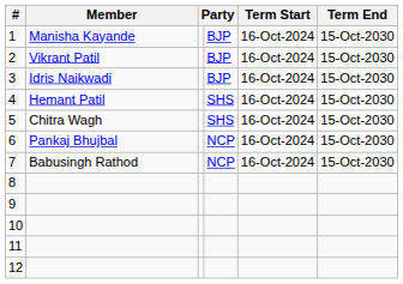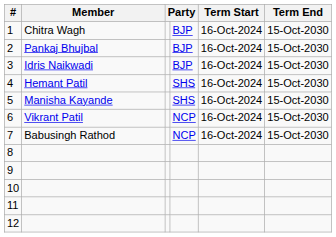 <table class="wikitable sortable">
 <tr>
 <th>#</th>
 <th style="width:200px">Member</th>
 <th colspan="2">Party</th>
 <th>Term Start</th>
 <th>Term End</th>
 </tr>
 <tr>
 <td>1</td>
-<td><a href='#'>Manisha Kayande</a></td>
+<td>Chitra Wagh</td>
 <td style="background-color: "></td>
 <td><a href='#'>BJP</a></td>
 <td>16-Oct-2024</td>
 <td>15-Oct-2030</td>
 </tr>
 <tr>
 <td>2</td>
-<td><a href='#'>Vikrant Patil</a></td>
+<td><a href='#'>Pankaj Bhujbal</a></td>
 <td style="background-color: "></td>
 <td><a href='#'>BJP</a></td>
 <td>16-Oct-2024</td>
 <td>15-Oct-2030</td>
 </tr>
 <tr>
 <td>3</td>
 <td><a href='#'>Idris Naikwadi</a></td>
 <td style="background-color: "></td>
 <td><a href='#'>BJP</a></td>
 <td>16-Oct-2024</td>
 <td>15-Oct-2030</td>
 </tr>
 <tr>
 <td>4</td>
 <td><a href='#'>Hemant Patil</a></td>
 <td style="background-color: "></td>
 <td><a href='#'>SHS</a></td>
 <td>16-Oct-2024</td>
 <td>15-Oct-2030</td>
 </tr>
 <tr>
 <td>5</td>
-<td>Chitra Wagh</td>
+<td><a href='#'>Manisha Kayande</a></td>
 <td style="background-color: "></td>
 <td><a href='#'>SHS</a></td>
 <td>16-Oct-2024</td>
 <td>15-Oct-2030</td>
 </tr>
 <tr>
 <td>6</td>
-<td><a href='#'>Pankaj Bhujbal</a></td>
+<td><a href='#'>Vikrant Patil</a></td>
 <td style="background-color: "></td>
 <td><a href='#'>NCP</a></td>
 <td>16-Oct-2024</td>
 <td>15-Oct-2030</td>
 </tr>
 <tr>
 <td>7</td>
 <td>Babusingh Rathod</td>
 <td style="background-color: "></td>
 <td><a href='#'>NCP</a></td>
 <td>16-Oct-2024</td>
 <td>15-Oct-2030</td>
 </tr>
 <tr>
 <td>8</td>
 <td></td>
 <td></td>
 <td></td>
 <td></td>
 <td></td>
 </tr>
 <tr>
 <td>9</td>
 <td></td>
 <td></td>
 <td></td>
 <td></td>
 <td></td>
 </tr>
 <tr>
 <td>10</td>
 <td></td>
 <td></td>
 <td></td>
 <td></td>
 <td></td>
 </tr>
 <tr>
 <td>11</td>
 <td></td>
 <td></td>
 <td></td>
 <td></td>
 <td></td>
 </tr>
 <tr>
 <td>12</td>
 <td></td>
 <td></td>
 <td></td>
 <td></td>
 <td></td>
 </tr>
 </table>
